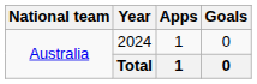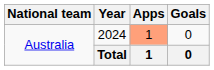 <table class="wikitable" style="text-align:center">
 <tr>
 <th>National team</th>
 <th>Year</th>
 <th>Apps</th>
 <th>Goals</th>
 </tr>
 <tr>
 <td rowspan="2"><a href='#'>Australia</a></td>
 <td>2024</td>
-<td>1</td>
+<td style="background: lightsalmon;">1</td>
 <td>0</td>
 </tr>
 <tr>
 <th colspan="1">Total</th>
 <th>1</th>
 <th>0</th>
 </tr>
 </table>
